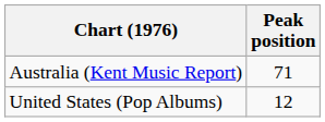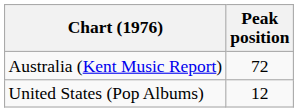 <table class="wikitable">
 <tr>
 <th scope="col">Chart (1976)</th>
 <th>Peak<br>position</th>
 </tr>
 <tr>
 <td>Australia (<a href='#'>Kent Music Report</a>)</td>
-<td style="text-align:center;">71</td>
+<td style="text-align:center;">72</td>
 </tr>
 <tr>
 <td>United States (Pop Albums)</td>
 <td style="text-align:center;">12</td>
 </tr>
 </table>
